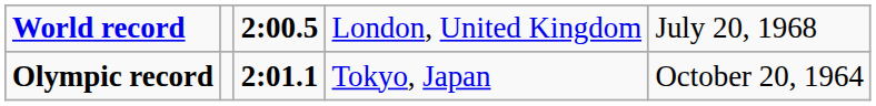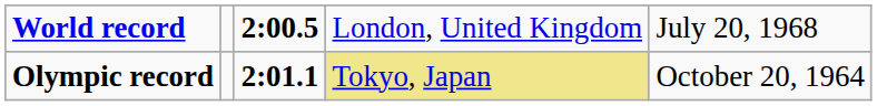 <table class="wikitable">
 <tr>
 <td><strong><a href='#'>World record</a></strong></td>
 <td></td>
 <td><strong>2:00.5</strong></td>
 <td><a href='#'>London</a>, <a href='#'>United Kingdom</a></td>
 <td>July 20, 1968</td>
 </tr>
 <tr>
 <td><strong>Olympic record</strong></td>
 <td></td>
 <td><strong>2:01.1</strong></td>
-<td><a href='#'>Tokyo</a>, <a href='#'>Japan</a></td>
+<td style="background: khaki;"><a href='#'>Tokyo</a>, <a href='#'>Japan</a></td>
 <td>October 20, 1964</td>
 </tr>
 </table>
